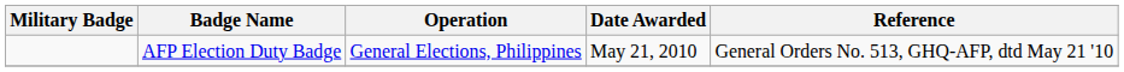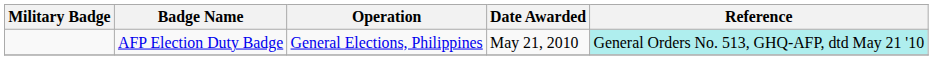 <table class="wikitable">
 <tr>
 <th>Military Badge</th>
 <th>Badge Name</th>
 <th>Operation</th>
 <th>Date Awarded</th>
 <th>Reference</th>
 </tr>
 <tr>
 <td></td>
 <td><a href='#'>AFP Election Duty Badge</a></td>
 <td><a href='#'>General Elections, Philippines</a></td>
 <td>May 21, 2010</td>
-<td>General Orders No. 513, GHQ-AFP, dtd May 21 '10</td>
+<td style="background: paleturquoise;">General Orders No. 513, GHQ-AFP, dtd May 21 '10</td>
 </tr>
 <tr>
 </tr>
 </table>
